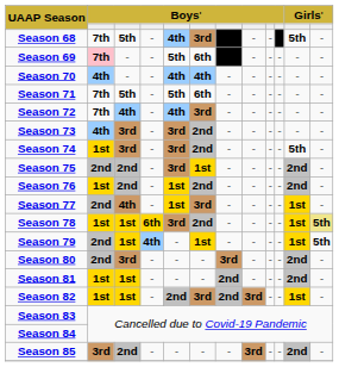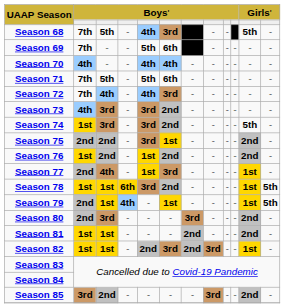 <table class="wikitable" style="font-size: 90%;">
 <tr bgcolor=CFB53B>
 <td rowspan=2><strong>UAAP Season</strong></td>
 <td colspan=9 align=center><strong>Boys</strong>'</td>
 <td colspan=3 align=center><strong>Girls</strong>'</td>
 </tr>
 <tr bgcolor="#efefef">
 <td></td>
 <td></td>
 <td></td>
 <td></td>
 <td></td>
 <td></td>
 <td></td>
 <td></td>
 <td></td>
 <td></td>
 <td></td>
 </tr>
 <tr align="center">
 <td><strong><a href='#'>Season 68</a></strong></td>
 <td><strong>7th</strong></td>
 <td><strong>5th</strong></td>
 <td><em>-</em></td>
 <td bgcolor="#9acdff"><strong>4th</strong></td>
 <td bgcolor="#cc9966"><strong>3rd</strong></td>
 <td bgcolor="#000000"> </td>
 <td><em>-</em></td>
 <td><em>-</em></td>
 <td bgcolor="#000000"> </td>
 <td><strong>5th</strong></td>
 <td><em>-</em></td>
 </tr>
 <tr align="center">
 <td><strong><a href='#'>Season 69</a></strong></td>
-<td style="background: pink;"><strong>7th</strong></td>
+<td><strong>7th</strong></td>
 <td><em>-</em></td>
 <td><em>-</em></td>
 <td><strong>5th</strong></td>
 <td><strong>6th</strong></td>
 <td bgcolor="#000000"> </td>
 <td><em>-</em></td>
 <td><em>-</em></td>
 <td><em>-</em></td>
 <td><em>-</em></td>
 <td><em>-</em></td>
 </tr>
 <tr align="center">
 <td><strong><a href='#'>Season 70</a></strong></td>
 <td bgcolor="#9acdff"><strong>4th</strong></td>
 <td><em>-</em></td>
 <td><em>-</em></td>
 <td bgcolor="#9acdff"><strong>4th</strong></td>
 <td bgcolor="#9acdff"><strong>4th</strong></td>
 <td><em>-</em></td>
 <td><em>-</em></td>
 <td><em>-</em></td>
 <td><em>-</em></td>
 <td><em>-</em></td>
 <td><em>-</em></td>
 </tr>
 <tr align="center">
 <td><strong><a href='#'>Season 71</a></strong></td>
 <td><strong>7th</strong></td>
 <td><strong>5th</strong></td>
 <td><em>-</em></td>
 <td><strong>5th</strong></td>
 <td><strong>6th</strong></td>
 <td><em>-</em></td>
 <td><em>-</em></td>
 <td><em>-</em></td>
 <td><em>-</em></td>
 <td><em>-</em></td>
 <td><em>-</em></td>
 </tr>
 <tr align="center">
 <td><strong><a href='#'>Season 72</a></strong></td>
 <td><strong>7th</strong></td>
 <td bgcolor="#9acdff"><strong>4th</strong></td>
 <td><em>-</em></td>
 <td bgcolor="#9acdff"><strong>4th</strong></td>
 <td bgcolor="#cc9966"><strong>3rd</strong></td>
 <td><em>-</em></td>
 <td><em>-</em></td>
 <td><em>-</em></td>
 <td><em>-</em></td>
 <td><em>-</em></td>
 <td><em>-</em></td>
 </tr>
 <tr align="center">
 <td><strong><a href='#'>Season 73</a></strong></td>
 <td bgcolor="#9acdff"><strong>4th</strong></td>
 <td bgcolor="#cc9966"><strong>3rd</strong></td>
 <td><em>-</em></td>
 <td bgcolor="#cc9966"><strong>3rd</strong></td>
 <td bgcolor="silver"><strong>2nd</strong></td>
 <td><em>-</em></td>
 <td><em>-</em></td>
 <td><em>-</em></td>
 <td><em>-</em></td>
 <td><em>-</em></td>
 <td><em>-</em></td>
 </tr>
 <tr align="center">
 <td><strong><a href='#'>Season 74</a></strong></td>
 <td bgcolor="gold"><strong>1st</strong></td>
 <td bgcolor="#cc9966"><strong>3rd</strong></td>
 <td><em>-</em></td>
 <td bgcolor="#cc9966"><strong>3rd</strong></td>
 <td bgcolor="silver"><strong>2nd</strong></td>
 <td><em>-</em></td>
 <td><em>-</em></td>
 <td><em>-</em></td>
 <td><em>-</em></td>
 <td><strong>5th</strong></td>
 <td><em>-</em></td>
 </tr>
 <tr align="center">
 <td><strong><a href='#'>Season 75</a></strong></td>
 <td bgcolor="silver"><strong>2nd</strong></td>
 <td bgcolor="silver"><strong>2nd</strong></td>
 <td><em>-</em></td>
 <td bgcolor="#cc9966"><strong>3rd</strong></td>
 <td bgcolor="gold"><strong>1st</strong></td>
 <td><em>-</em></td>
 <td><em>-</em></td>
 <td><em>-</em></td>
 <td><em>-</em></td>
 <td bgcolor="silver"><strong>2nd</strong></td>
 <td><em>-</em></td>
 </tr>
 <tr align="center">
 <td><strong><a href='#'>Season 76</a></strong></td>
 <td bgcolor="gold"><strong>1st</strong></td>
 <td bgcolor="silver"><strong>2nd</strong></td>
 <td><em>-</em></td>
 <td bgcolor="gold"><strong>1st</strong></td>
 <td bgcolor="silver"><strong>2nd</strong></td>
 <td><em>-</em></td>
 <td><em>-</em></td>
 <td><em>-</em></td>
 <td><em>-</em></td>
 <td bgcolor="silver"><strong>2nd</strong></td>
 <td><em>-</em></td>
 </tr>
 <tr align="center">
 <td><strong><a href='#'>Season 77</a></strong></td>
 <td bgcolor="silver"><strong>2nd</strong></td>
 <td bgcolor="#cc9966"><strong>4th</strong></td>
 <td><em>-</em></td>
 <td bgcolor="gold"><strong>1st</strong></td>
 <td bgcolor="#cc9966"><strong>3rd</strong></td>
 <td><em>-</em></td>
 <td><em>-</em></td>
 <td><em>-</em></td>
 <td><em>-</em></td>
 <td bgcolor="gold"><strong>1st</strong></td>
 <td><em>-</em></td>
 </tr>
 <tr align="center">
 <td><strong><a href='#'>Season 78</a></strong></td>
 <td bgcolor="gold"><strong>1st</strong></td>
 <td bgcolor="gold"><strong>1st</strong></td>
 <td style="background: gold;"><strong>6th</strong></td>
 <td bgcolor="#cc9966"><strong>3rd</strong></td>
 <td bgcolor="silver"><strong>2nd</strong></td>
 <td><em>-</em></td>
 <td><em>-</em></td>
 <td><em>-</em></td>
 <td><em>-</em></td>
 <td bgcolor="gold"><strong>1st</strong></td>
-<td style="background: khaki;"><strong>5th</strong></td>
+<td><strong>5th</strong></td>
 </tr>
 <tr align="center">
 <td><strong><a href='#'>Season 79</a></strong></td>
 <td bgcolor="silver"><strong>2nd</strong></td>
 <td bgcolor="gold"><strong>1st</strong></td>
 <td bgcolor="#9acdff"><strong>4th</strong></td>
 <td><em>-</em></td>
 <td bgcolor="gold"><strong>1st</strong></td>
 <td><em>-</em></td>
 <td><em>-</em></td>
 <td><em>-</em></td>
 <td><em>-</em></td>
 <td bgcolor="gold"><strong>1st</strong></td>
 <td><strong>5th</strong></td>
 </tr>
 <tr align="center">
 <td><strong><a href='#'>Season 80</a></strong></td>
 <td bgcolor="silver"><strong>2nd</strong></td>
 <td bgcolor="#cc9966"><strong>3rd</strong></td>
 <td><em>-</em></td>
 <td><em>-</em></td>
 <td><em>-</em></td>
 <td bgcolor="#cc9966"><strong>3rd</strong></td>
 <td><em>-</em></td>
 <td><em>-</em></td>
 <td><em>-</em></td>
 <td bgcolor="silver"><strong>2nd</strong></td>
 <td><em>-</em></td>
 </tr>
 <tr align="center">
 <td><strong><a href='#'>Season 81</a></strong></td>
 <td bgcolor="gold"><strong>1st</strong></td>
 <td bgcolor="gold"><strong>1st</strong></td>
 <td><em>-</em></td>
 <td><em>-</em></td>
 <td><em>-</em></td>
 <td bgcolor="silver"><strong>2nd</strong></td>
 <td><em>-</em></td>
 <td><em>-</em></td>
 <td><em>-</em></td>
 <td bgcolor="silver"><strong>2nd</strong></td>
 <td><em>-</em></td>
 </tr>
 <tr align="center">
 <td><strong><a href='#'>Season 82</a></strong></td>
 <td bgcolor="gold"><strong>1st</strong></td>
 <td bgcolor="gold"><strong>1st</strong></td>
 <td><em>-</em></td>
 <td bgcolor="silver"><strong>2nd</strong></td>
 <td bgcolor="#cc9966"><strong>3rd</strong></td>
 <td bgcolor="silver"><strong>2nd</strong></td>
 <td bgcolor="#cc9966"><strong>3rd</strong></td>
 <td><em>-</em></td>
 <td><em>-</em></td>
 <td bgcolor="gold"><strong>1st</strong></td>
 <td><em>-</em></td>
 </tr>
 <tr align="center">
 <td><strong><a href='#'>Season 83</a></strong></td>
 <td rowspan=2 colspan=11><em>Cancelled due to <a href='#'>Covid-19 Pandemic</a></em></td>
 </tr>
 <tr align="center">
 <td><strong><a href='#'>Season 84</a></strong></td>
 </tr>
 <tr align="center">
 <td><strong><a href='#'>Season 85</a></strong></td>
 <td bgcolor="#cc9966"><strong>3rd</strong></td>
 <td bgcolor="silver"><strong>2nd</strong></td>
 <td><em>-</em></td>
 <td><em>-</em></td>
 <td><em>-</em></td>
 <td><em>-</em></td>
 <td bgcolor="#cc9966"><strong>3rd</strong></td>
 <td><em>-</em></td>
 <td><em>-</em></td>
 <td bgcolor="silver"><strong>2nd</strong></td>
 <td><em>-</em></td>
 </tr>
 <tr align="center">
 </tr>
 </table>
